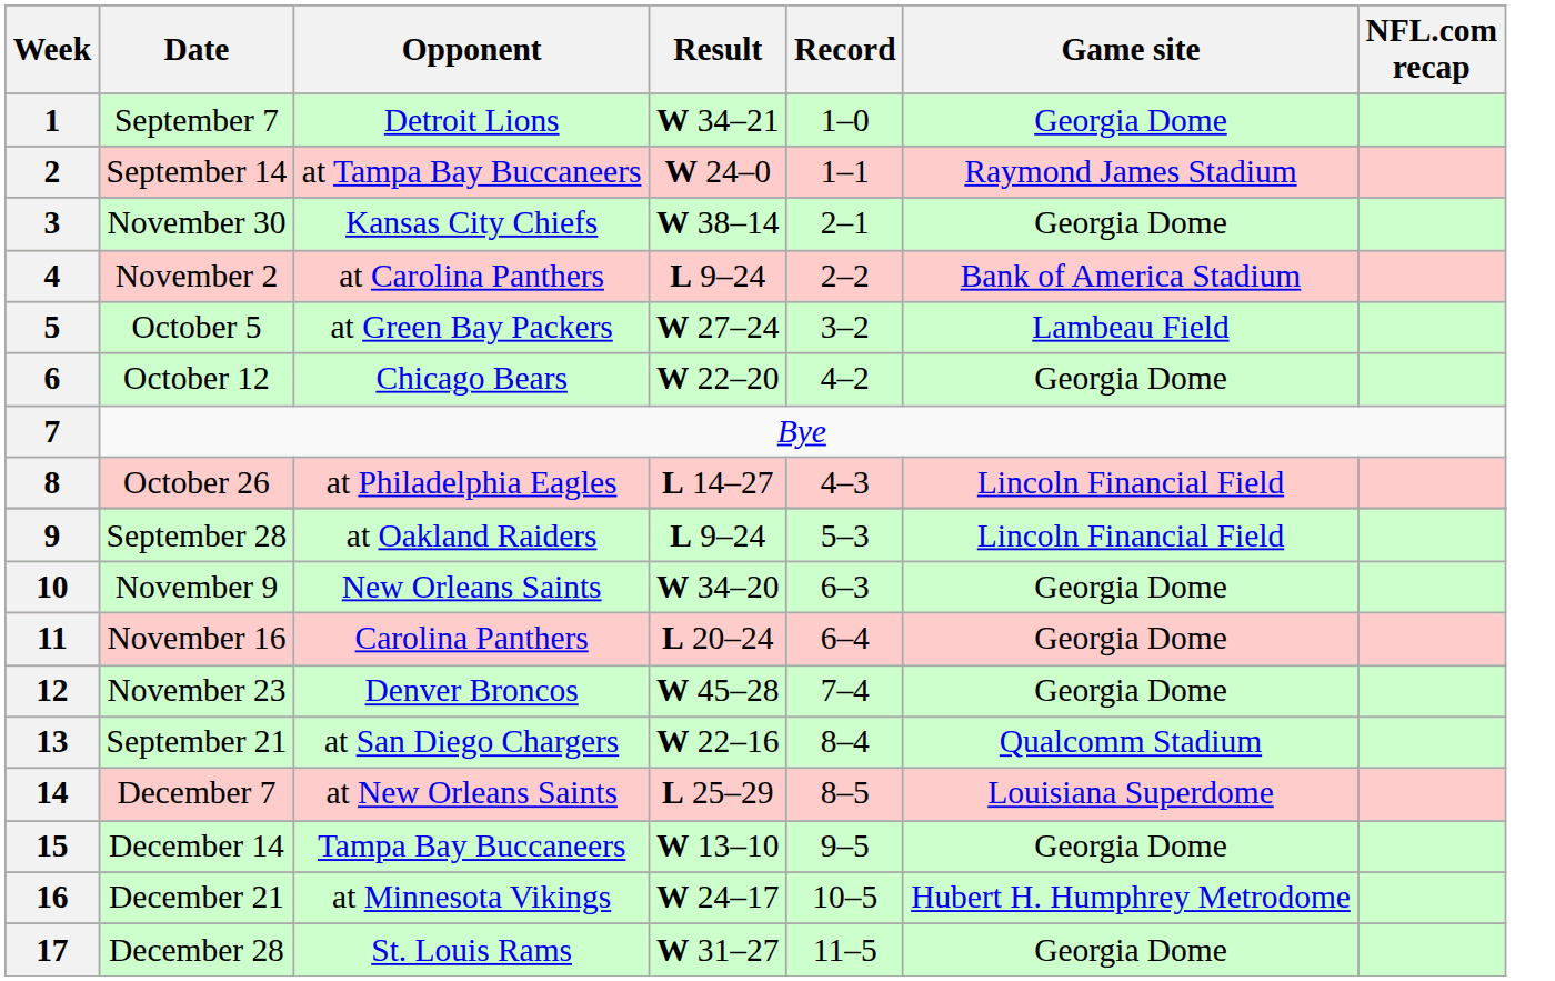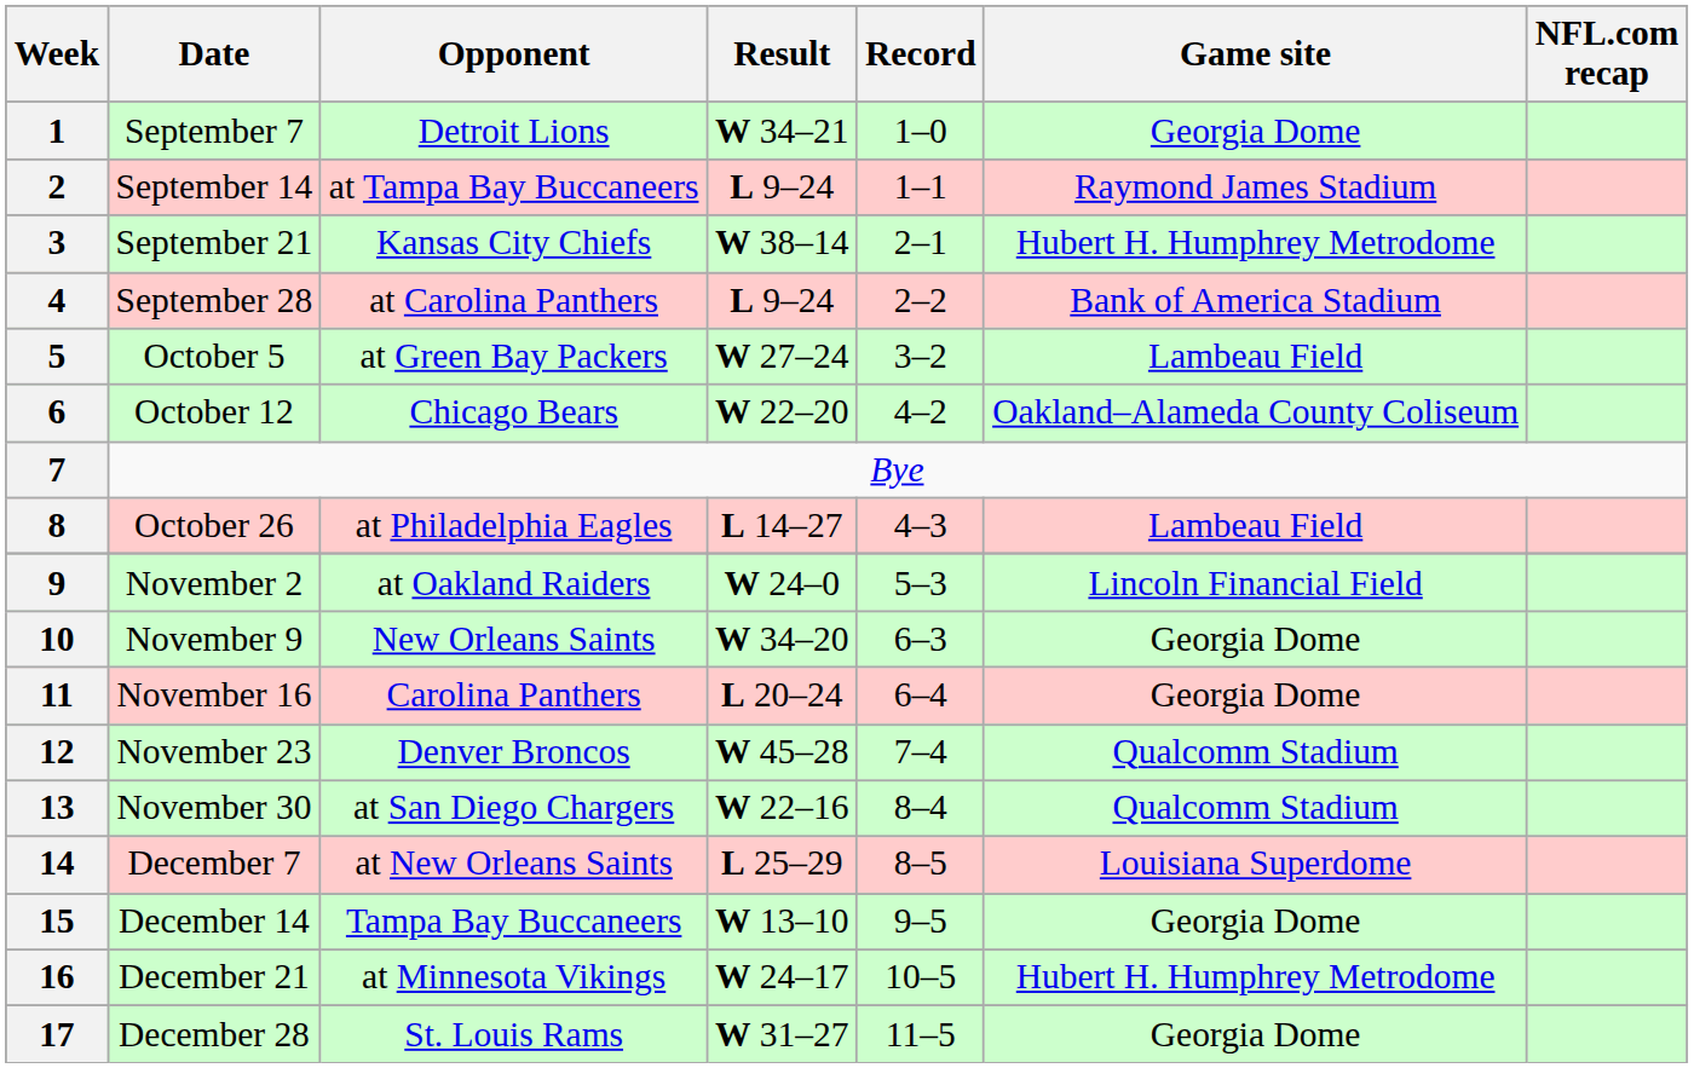 <table class="wikitable" style="text-align:center">
 <tr>
 <th>Week</th>
 <th>Date</th>
 <th>Opponent</th>
 <th>Result</th>
 <th>Record</th>
 <th>Game site</th>
 <th>NFL.com<br>recap</th>
 </tr>
 <tr style="background: #cfc;">
 <th>1</th>
 <td>September 7</td>
 <td><a href='#'>Detroit Lions</a></td>
 <td><strong>W</strong> 34–21</td>
 <td>1–0</td>
 <td><a href='#'>Georgia Dome</a></td>
 <td align=center></td>
 </tr>
 <tr style="background:#fcc">
 <th>2</th>
 <td>September 14</td>
 <td>at <a href='#'>Tampa Bay Buccaneers</a></td>
-<td><strong>W</strong> 24–0</td>
+<td><strong>L</strong> 9–24</td>
 <td>1–1</td>
 <td><a href='#'>Raymond James Stadium</a></td>
 <td align=center></td>
 </tr>
 <tr style="background: #cfc;">
 <th>3</th>
-<td>November 30</td>
+<td>September 21</td>
 <td><a href='#'>Kansas City Chiefs</a></td>
 <td><strong>W</strong> 38–14</td>
 <td>2–1</td>
-<td>Georgia Dome</td>
+<td><a href='#'>Hubert H. Humphrey Metrodome</a></td>
 <td align=center></td>
 </tr>
 <tr style="background: #fcc;">
 <th>4</th>
-<td>November 2</td>
+<td>September 28</td>
 <td>at <a href='#'>Carolina Panthers</a></td>
 <td><strong>L</strong> 9–24</td>
 <td>2–2</td>
 <td><a href='#'>Bank of America Stadium</a></td>
 <td align=center></td>
 </tr>
 <tr style="background: #cfc;">
 <th>5</th>
 <td>October 5</td>
 <td>at <a href='#'>Green Bay Packers</a></td>
 <td><strong>W</strong> 27–24</td>
 <td>3–2</td>
 <td><a href='#'>Lambeau Field</a></td>
 <td align=center></td>
 </tr>
 <tr style="background: #cfc;">
 <th>6</th>
 <td>October 12</td>
 <td><a href='#'>Chicago Bears</a></td>
 <td><strong>W</strong> 22–20</td>
 <td>4–2</td>
-<td>Georgia Dome</td>
+<td><a href='#'>Oakland–Alameda County Coliseum</a></td>
 <td align=center></td>
 </tr>
 <tr>
 <th>7</th>
 <td colSpan=6 align="center"><em><a href='#'>Bye</a></em></td>
 </tr>
 <tr style="background:#fcc">
 <th>8</th>
 <td>October 26</td>
 <td>at <a href='#'>Philadelphia Eagles</a></td>
 <td><strong>L</strong> 14–27</td>
 <td>4–3</td>
-<td><a href='#'>Lincoln Financial Field</a></td>
+<td><a href='#'>Lambeau Field</a></td>
 <td align=center></td>
 </tr>
 <tr>
 </tr>
 <tr style="background: #cfc;">
 <th>9</th>
-<td>September 28</td>
+<td>November 2</td>
 <td>at <a href='#'>Oakland Raiders</a></td>
-<td><strong>L</strong> 9–24</td>
+<td><strong>W</strong> 24–0</td>
 <td>5–3</td>
 <td><a href='#'>Lincoln Financial Field</a></td>
 <td align=center></td>
 </tr>
 <tr style="background: #cfc;">
 <th>10</th>
 <td>November 9</td>
 <td><a href='#'>New Orleans Saints</a></td>
 <td><strong>W</strong> 34–20</td>
 <td>6–3</td>
 <td>Georgia Dome</td>
 <td align=center></td>
 </tr>
 <tr style="background:#fcc">
 <th>11</th>
 <td>November 16</td>
 <td><a href='#'>Carolina Panthers</a></td>
 <td><strong>L</strong> 20–24</td>
 <td>6–4</td>
 <td>Georgia Dome</td>
 <td align=center></td>
 </tr>
 <tr style="background: #cfc;">
 <th>12</th>
 <td>November 23</td>
 <td><a href='#'>Denver Broncos</a></td>
 <td><strong>W</strong> 45–28</td>
 <td>7–4</td>
-<td>Georgia Dome</td>
+<td><a href='#'>Qualcomm Stadium</a></td>
 <td align=center></td>
 </tr>
 <tr style="background: #cfc;">
 <th>13</th>
-<td>September 21</td>
+<td>November 30</td>
 <td>at <a href='#'>San Diego Chargers</a></td>
 <td><strong>W</strong> 22–16</td>
 <td>8–4</td>
 <td><a href='#'>Qualcomm Stadium</a></td>
 <td align=center></td>
 </tr>
 <tr style="background:#fcc">
 <th>14</th>
 <td>December 7</td>
 <td>at <a href='#'>New Orleans Saints</a></td>
 <td><strong>L</strong> 25–29</td>
 <td>8–5</td>
 <td><a href='#'>Louisiana Superdome</a></td>
 <td align=center></td>
 </tr>
 <tr style="background: #cfc;">
 <th>15</th>
 <td>December 14</td>
 <td><a href='#'>Tampa Bay Buccaneers</a></td>
 <td><strong>W</strong> 13–10 </td>
 <td>9–5</td>
 <td>Georgia Dome</td>
 <td align=center></td>
 </tr>
 <tr style="background: #cfc;">
 <th>16</th>
 <td>December 21</td>
 <td>at <a href='#'>Minnesota Vikings</a></td>
 <td><strong>W</strong> 24–17</td>
 <td>10–5</td>
 <td><a href='#'>Hubert H. Humphrey Metrodome</a></td>
 <td align=center></td>
 </tr>
 <tr style="background: #cfc;">
 <th>17</th>
 <td>December 28</td>
 <td><a href='#'>St. Louis Rams</a></td>
 <td><strong>W</strong> 31–27</td>
 <td>11–5</td>
 <td>Georgia Dome</td>
 <td align=center></td>
 </tr>
 </table>
